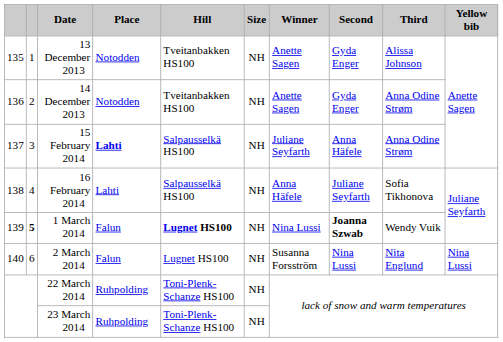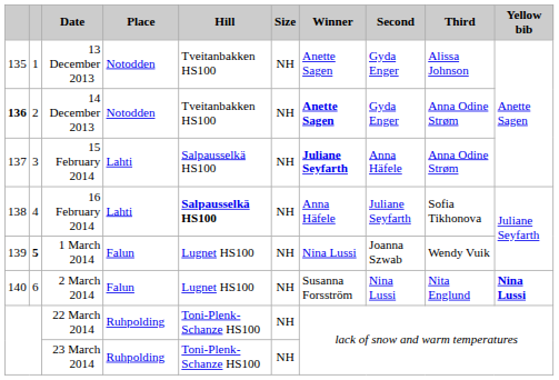 <table class="wikitable plainrowheaders" style="background:#fff; font-size:86%; line-height:16px; border:grey solid 1px; border-collapse:collapse;">
 <tr style="background:#ccc; text-align:center;">
 <th scope="col" style="background:#ccc; width=20 px;"></th>
 <th scope="col" style="background:#ccc; width=30 px;"></th>
 <th scope="col" style="background:#ccc; width:120px;">Date</th>
 <th scope="col" style="background:#ccc; width:200px;">Place</th>
 <th scope="col" style="background:#ccc; width:240px;">Hill</th>
 <th scope="col" style="background:#ccc; width:40px;">Size</th>
 <th scope="col" style="background:#ccc; width:185px;">Winner</th>
 <th scope="col" style="background:#ccc; width:185px;">Second</th>
 <th scope="col" style="background:#ccc; width:185px;">Third</th>
 <th scope="col" style="background:#ccc; width:180px;">Yellow bib</th>
 </tr>
 <tr>
 <td align=center>135</td>
 <td align=center>1</td>
 <td align=right>13 December 2013  </td>
 <td> <a href='#'>Notodden</a></td>
 <td>Tveitanbakken HS100</td>
 <td align=center>NH</td>
 <td> <a href='#'>Anette Sagen</a></td>
 <td> <a href='#'>Gyda Enger</a></td>
 <td> <a href='#'>Alissa Johnson</a></td>
 <td rowspan=3> <a href='#'>Anette Sagen</a></td>
 </tr>
 <tr>
-<td align=center>136</td>
+<td align=center><strong>136</strong></td>
 <td align=center>2</td>
 <td align=right>14 December 2013  </td>
 <td> <a href='#'>Notodden</a></td>
 <td>Tveitanbakken HS100</td>
 <td align=center>NH</td>
-<td> <a href='#'>Anette Sagen</a></td>
+<td><strong> <a href='#'>Anette Sagen</a></strong></td>
 <td> <a href='#'>Gyda Enger</a></td>
 <td> <a href='#'>Anna Odine Strøm</a></td>
 </tr>
 <tr>
 <td align=center>137</td>
 <td align=center>3</td>
 <td align=right>15 February 2014  </td>
-<td><strong> <a href='#'>Lahti</a></strong></td>
+<td> <a href='#'>Lahti</a></td>
 <td><a href='#'>Salpausselkä</a> HS100</td>
 <td align=center>NH</td>
-<td> <a href='#'>Juliane Seyfarth</a></td>
+<td><strong> <a href='#'>Juliane Seyfarth</a></strong></td>
 <td> <a href='#'>Anna Häfele</a></td>
 <td> <a href='#'>Anna Odine Strøm</a></td>
 </tr>
 <tr>
 <td align=center>138</td>
 <td align=center>4</td>
 <td align=right>16 February 2014  </td>
 <td> <a href='#'>Lahti</a></td>
-<td><a href='#'>Salpausselkä</a> HS100</td>
+<td><strong><a href='#'>Salpausselkä</a> HS100</strong></td>
 <td align=center>NH</td>
 <td> <a href='#'>Anna Häfele</a></td>
 <td> <a href='#'>Juliane Seyfarth</a></td>
 <td> Sofia Tikhonova</td>
 <td rowspan=2> <a href='#'>Juliane Seyfarth</a></td>
 </tr>
 <tr>
 <td align=center>139</td>
 <td align=center><strong>5</strong></td>
 <td align=right>1 March 2014  </td>
 <td> <a href='#'>Falun</a></td>
-<td><strong><a href='#'>Lugnet</a> HS100</strong></td>
+<td><a href='#'>Lugnet</a> HS100</td>
 <td align=center>NH</td>
 <td> <a href='#'>Nina Lussi</a></td>
-<td><strong> Joanna Szwab</strong></td>
+<td> Joanna Szwab</td>
 <td> Wendy Vuik</td>
 </tr>
 <tr>
 <td align=center>140</td>
 <td align=center>6</td>
 <td align=right>2 March 2014  </td>
 <td> <a href='#'>Falun</a></td>
 <td><a href='#'>Lugnet</a> HS100</td>
 <td align=center>NH</td>
 <td> Susanna Forsström</td>
 <td> <a href='#'>Nina Lussi</a></td>
 <td> <a href='#'>Nita Englund</a></td>
-<td> <a href='#'>Nina Lussi</a></td>
+<td><strong> <a href='#'>Nina Lussi</a></strong></td>
 </tr>
 <tr>
 <td colspan=2 rowspan=2></td>
 <td align=right>22 March 2014  </td>
 <td> <a href='#'>Ruhpolding</a></td>
 <td><a href='#'>Toni-Plenk-Schanze</a> HS100</td>
 <td align=center>NH</td>
 <td colspan=4 rowspan=2 align=center><em>lack of snow and warm temperatures</em></td>
 </tr>
 <tr>
 <td align=right>23 March 2014  </td>
 <td> <a href='#'>Ruhpolding</a></td>
 <td><a href='#'>Toni-Plenk-Schanze</a> HS100</td>
 <td align=center>NH</td>
 </tr>
 </table>
